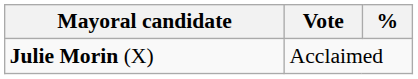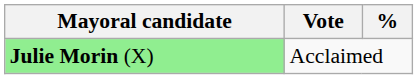 <table class="wikitable">
 <tr>
 <th bgcolor="#DDDDFF" width="200px">Mayoral candidate</th>
 <th bgcolor="#DDDDFF" width="50px">Vote</th>
 <th bgcolor="#DDDDFF" width="30px">%</th>
 </tr>
 <tr>
-<td><strong>Julie Morin</strong> (X)</td>
+<td style="background: lightgreen;"><strong>Julie Morin</strong> (X)</td>
 <td colspan="2">Acclaimed</td>
 </tr>
 </table>
